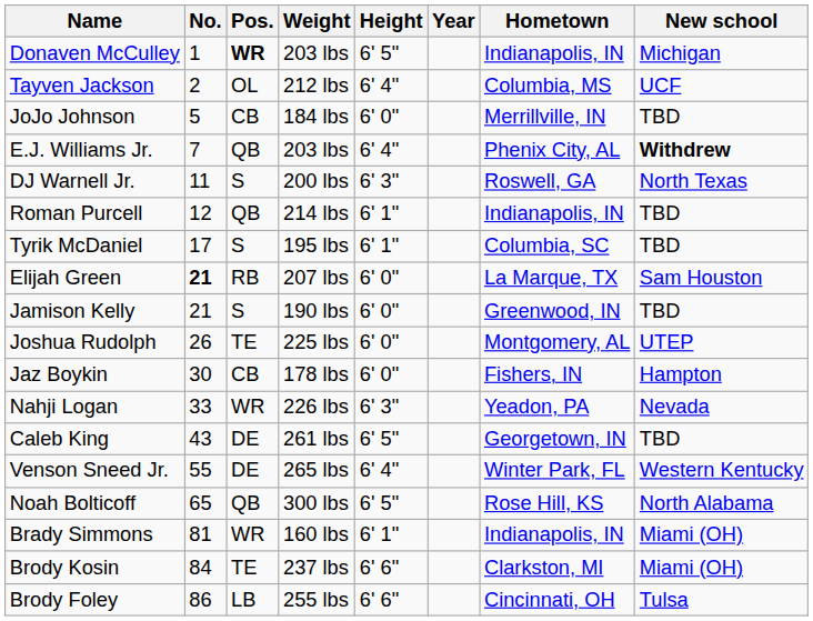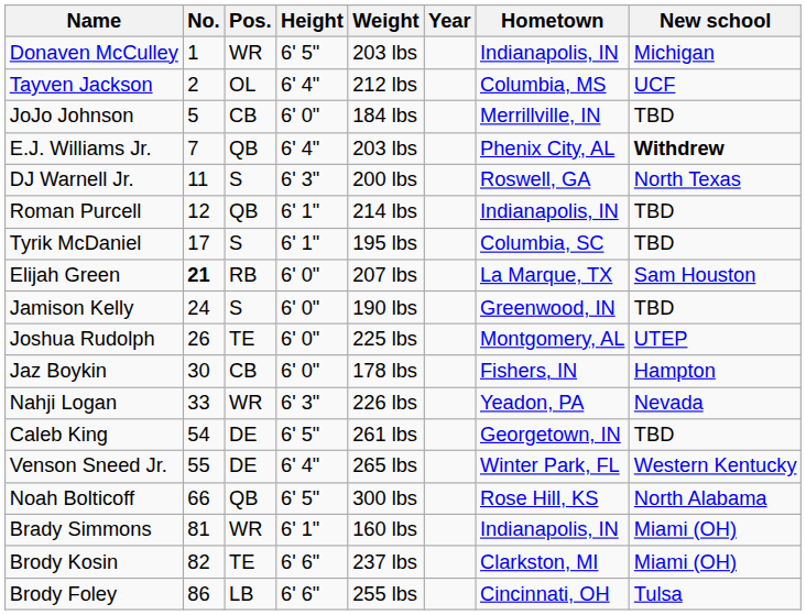 <table class="wikitable sortable" style="text-align:left">
 <tr>
 <th>Name</th>
 <th>No.</th>
 <th>Pos.</th>
+<th>Height</th>
 <th>Weight</th>
-<th>Height</th>
 <th>Year</th>
 <th>Hometown</th>
 <th>New school</th>
 </tr>
 <tr>
 <td><a href='#'>Donaven McCulley</a></td>
 <td>1</td>
-<td><strong>WR</strong></td>
+<td>WR</td>
+<td>6' 5"</td>
 <td>203 lbs</td>
-<td>6' 5"</td>
 <td></td>
 <td><a href='#'>Indianapolis, IN</a></td>
 <td><a href='#'>Michigan</a></td>
 </tr>
 <tr>
 <td><a href='#'>Tayven Jackson</a></td>
 <td>2</td>
 <td>OL</td>
+<td>6' 4"</td>
 <td>212 lbs</td>
-<td>6' 4"</td>
 <td></td>
 <td><a href='#'>Columbia, MS</a></td>
 <td><a href='#'>UCF</a></td>
 </tr>
 <tr>
 <td>JoJo Johnson</td>
 <td>5</td>
 <td>CB</td>
+<td>6' 0"</td>
 <td>184 lbs</td>
-<td>6' 0"</td>
 <td></td>
 <td><a href='#'>Merrillville, IN</a></td>
 <td>TBD</td>
 </tr>
 <tr>
 <td>E.J. Williams Jr.</td>
 <td>7</td>
 <td>QB</td>
+<td>6' 4"</td>
 <td>203 lbs</td>
-<td>6' 4"</td>
 <td></td>
 <td><a href='#'>Phenix City, AL</a></td>
 <td><strong>Withdrew</strong></td>
 </tr>
 <tr>
 <td>DJ Warnell Jr.</td>
 <td>11</td>
 <td>S</td>
+<td>6' 3"</td>
 <td>200 lbs</td>
-<td>6' 3"</td>
 <td></td>
 <td><a href='#'>Roswell, GA</a></td>
 <td><a href='#'>North Texas</a></td>
 </tr>
 <tr>
 <td>Roman Purcell</td>
 <td>12</td>
 <td>QB</td>
+<td>6' 1"</td>
 <td>214 lbs</td>
-<td>6' 1"</td>
 <td></td>
 <td><a href='#'>Indianapolis, IN</a></td>
 <td>TBD</td>
 </tr>
 <tr>
 <td>Tyrik McDaniel</td>
 <td>17</td>
 <td>S</td>
+<td>6' 1"</td>
 <td>195 lbs</td>
-<td>6' 1"</td>
 <td></td>
 <td><a href='#'>Columbia, SC</a></td>
 <td>TBD</td>
 </tr>
 <tr>
 <td>Elijah Green</td>
 <td><strong>21</strong></td>
 <td>RB</td>
+<td>6' 0"</td>
 <td>207 lbs</td>
-<td>6' 0"</td>
 <td></td>
 <td><a href='#'>La Marque, TX</a></td>
 <td><a href='#'>Sam Houston</a></td>
 </tr>
 <tr>
 <td>Jamison Kelly</td>
-<td>21</td>
+<td>24</td>
 <td>S</td>
+<td>6' 0"</td>
 <td>190 lbs</td>
-<td>6' 0"</td>
 <td></td>
 <td><a href='#'>Greenwood, IN</a></td>
 <td>TBD</td>
 </tr>
 <tr>
 <td>Joshua Rudolph</td>
 <td>26</td>
 <td>TE</td>
+<td>6' 0"</td>
 <td>225 lbs</td>
-<td>6' 0"</td>
 <td></td>
 <td><a href='#'>Montgomery, AL</a></td>
 <td><a href='#'>UTEP</a></td>
 </tr>
 <tr>
 <td>Jaz Boykin</td>
 <td>30</td>
 <td>CB</td>
+<td>6' 0"</td>
 <td>178 lbs</td>
-<td>6' 0"</td>
 <td></td>
 <td><a href='#'>Fishers, IN</a></td>
 <td><a href='#'>Hampton</a></td>
 </tr>
 <tr>
 <td>Nahji Logan</td>
 <td>33</td>
 <td>WR</td>
+<td>6' 3"</td>
 <td>226 lbs</td>
-<td>6' 3"</td>
 <td></td>
 <td><a href='#'>Yeadon, PA</a></td>
 <td><a href='#'>Nevada</a></td>
 </tr>
 <tr>
 <td>Caleb King</td>
-<td>43</td>
+<td>54</td>
 <td>DE</td>
+<td>6' 5"</td>
 <td>261 lbs</td>
-<td>6' 5"</td>
 <td></td>
 <td><a href='#'>Georgetown, IN</a></td>
 <td>TBD</td>
 </tr>
 <tr>
 <td>Venson Sneed Jr.</td>
 <td>55</td>
 <td>DE</td>
+<td>6' 4"</td>
 <td>265 lbs</td>
-<td>6' 4"</td>
 <td></td>
 <td><a href='#'>Winter Park, FL</a></td>
 <td><a href='#'>Western Kentucky</a></td>
 </tr>
 <tr>
 <td>Noah Bolticoff</td>
-<td>65</td>
+<td>66</td>
 <td>QB</td>
+<td>6' 5"</td>
 <td>300 lbs</td>
-<td>6' 5"</td>
 <td></td>
 <td><a href='#'>Rose Hill, KS</a></td>
 <td><a href='#'>North Alabama</a></td>
 </tr>
 <tr>
 <td>Brady Simmons</td>
 <td>81</td>
 <td>WR</td>
+<td>6' 1"</td>
 <td>160 lbs</td>
-<td>6' 1"</td>
 <td></td>
 <td><a href='#'>Indianapolis, IN</a></td>
 <td><a href='#'>Miami (OH)</a></td>
 </tr>
 <tr>
 <td>Brody Kosin</td>
-<td>84</td>
+<td>82</td>
 <td>TE</td>
+<td>6' 6"</td>
 <td>237 lbs</td>
-<td>6' 6"</td>
 <td></td>
 <td><a href='#'>Clarkston, MI</a></td>
 <td><a href='#'>Miami (OH)</a></td>
 </tr>
 <tr>
 <td>Brody Foley</td>
 <td>86</td>
 <td>LB</td>
+<td>6' 6"</td>
 <td>255 lbs</td>
-<td>6' 6"</td>
 <td></td>
 <td><a href='#'>Cincinnati, OH</a></td>
 <td><a href='#'>Tulsa</a></td>
 </tr>
 </table>
